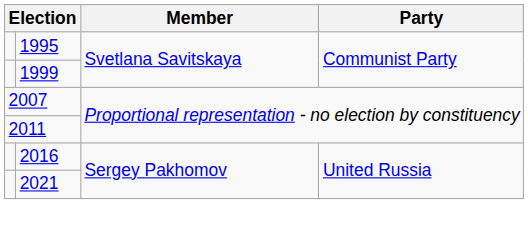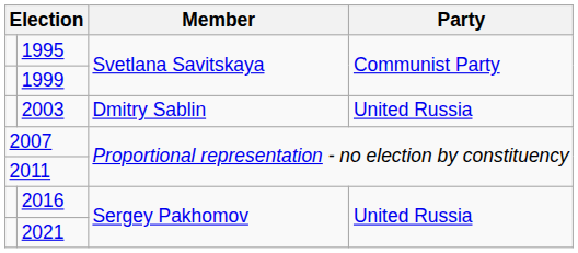 <table class="wikitable">
 <tr>
 <th colspan="2">Election</th>
 <th>Member</th>
 <th>Party</th>
 </tr>
 <tr>
 <td style="background-color:"></td>
 <td><a href='#'>1995</a></td>
 <td rowspan=2><a href='#'>Svetlana Savitskaya</a></td>
 <td rowspan=2><a href='#'>Communist Party</a></td>
 </tr>
 <tr>
 <td style="background-color:"></td>
 <td><a href='#'>1999</a></td>
+</tr>
+<tr>
+<td style="background-color:"></td>
+<td><a href='#'>2003</a></td>
+<td><a href='#'>Dmitry Sablin</a></td>
+<td><a href='#'>United Russia</a></td>
 </tr>
 <tr>
 <td colspan=2><a href='#'>2007</a></td>
 <td colspan=2 rowspan=2><em><a href='#'>Proportional representation</a> - no election by constituency</em></td>
 </tr>
 <tr>
 <td colspan=2><a href='#'>2011</a></td>
 </tr>
 <tr>
 <td style="background-color:"></td>
 <td><a href='#'>2016</a></td>
 <td rowspan=2><a href='#'>Sergey Pakhomov</a></td>
 <td rowspan=2><a href='#'>United Russia</a></td>
 </tr>
 <tr>
 <td style="background-color:"></td>
 <td><a href='#'>2021</a></td>
 </tr>
 </table>
